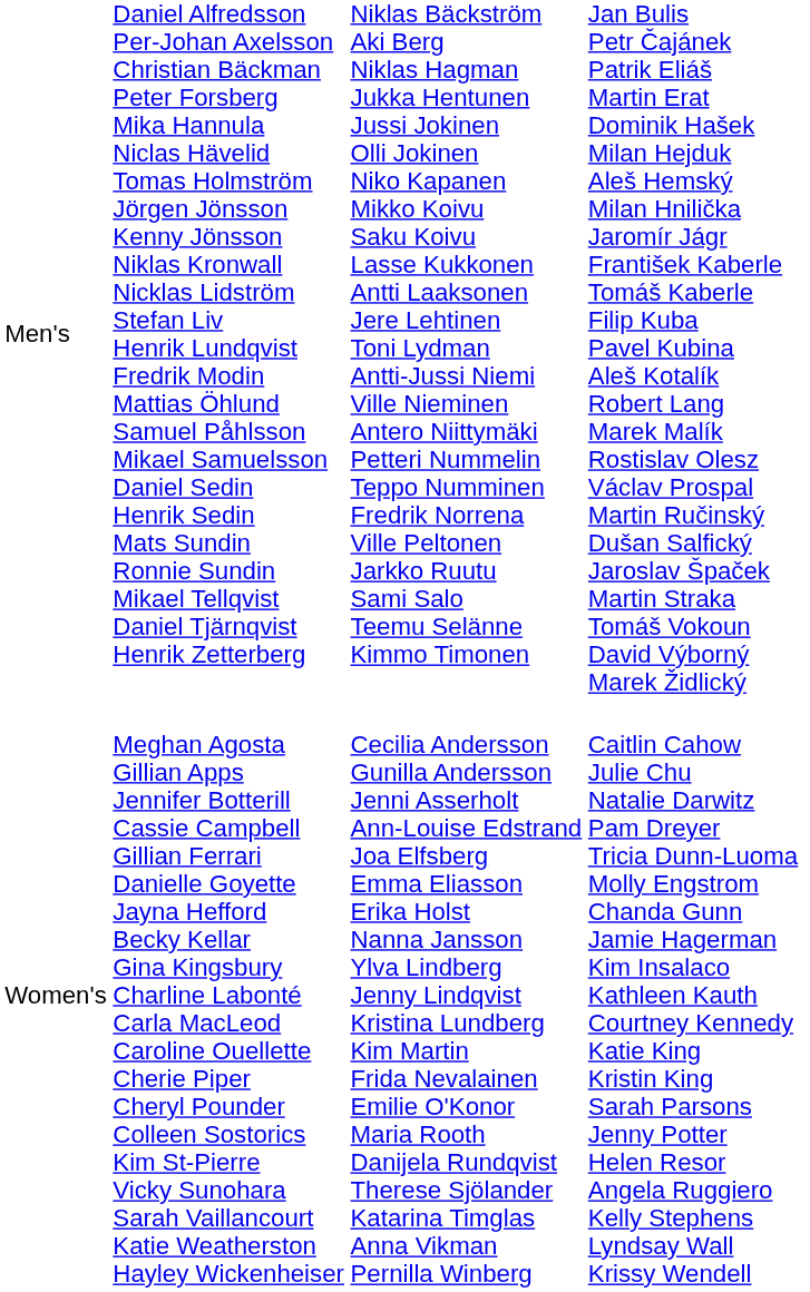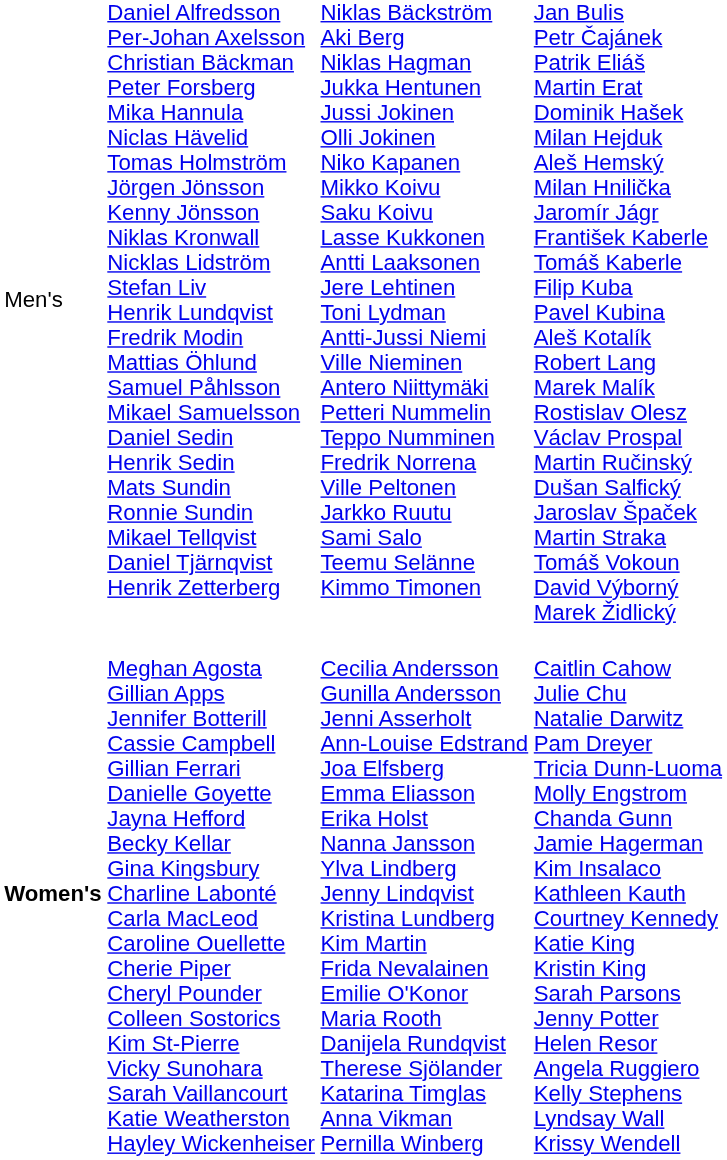 <table>
 <tr>
 <td>Men's<br></td>
 <td valign=top><br><a href='#'>Daniel Alfredsson</a><br><a href='#'>Per-Johan Axelsson</a><br><a href='#'>Christian Bäckman</a><br><a href='#'>Peter Forsberg</a><br><a href='#'>Mika Hannula</a><br><a href='#'>Niclas Hävelid</a><br><a href='#'>Tomas Holmström</a><br><a href='#'>Jörgen Jönsson</a><br><a href='#'>Kenny Jönsson</a><br><a href='#'>Niklas Kronwall</a><br><a href='#'>Nicklas Lidström</a><br><a href='#'>Stefan Liv</a><br><a href='#'>Henrik Lundqvist</a><br><a href='#'>Fredrik Modin</a><br><a href='#'>Mattias Öhlund</a><br><a href='#'>Samuel Påhlsson</a><br><a href='#'>Mikael Samuelsson</a><br><a href='#'>Daniel Sedin</a><br><a href='#'>Henrik Sedin</a><br><a href='#'>Mats Sundin</a><br><a href='#'>Ronnie Sundin</a><br><a href='#'>Mikael Tellqvist</a><br><a href='#'>Daniel Tjärnqvist</a><br><a href='#'>Henrik Zetterberg</a></td>
 <td valign=top><br><a href='#'>Niklas Bäckström</a><br><a href='#'>Aki Berg</a><br><a href='#'>Niklas Hagman</a><br><a href='#'>Jukka Hentunen</a><br><a href='#'>Jussi Jokinen</a><br><a href='#'>Olli Jokinen</a><br><a href='#'>Niko Kapanen</a><br><a href='#'>Mikko Koivu</a><br><a href='#'>Saku Koivu</a><br><a href='#'>Lasse Kukkonen</a><br><a href='#'>Antti Laaksonen</a><br><a href='#'>Jere Lehtinen</a><br><a href='#'>Toni Lydman</a><br><a href='#'>Antti-Jussi Niemi</a><br><a href='#'>Ville Nieminen</a><br><a href='#'>Antero Niittymäki</a><br><a href='#'>Petteri Nummelin</a><br><a href='#'>Teppo Numminen</a><br><a href='#'>Fredrik Norrena</a><br><a href='#'>Ville Peltonen</a><br><a href='#'>Jarkko Ruutu</a><br><a href='#'>Sami Salo</a><br><a href='#'>Teemu Selänne</a><br><a href='#'>Kimmo Timonen</a></td>
 <td><br><a href='#'>Jan Bulis</a><br><a href='#'>Petr Čajánek</a><br><a href='#'>Patrik Eliáš</a><br><a href='#'>Martin Erat</a><br><a href='#'>Dominik Hašek</a><br><a href='#'>Milan Hejduk</a><br><a href='#'>Aleš Hemský</a><br><a href='#'>Milan Hnilička</a><br><a href='#'>Jaromír Jágr</a><br><a href='#'>František Kaberle</a><br><a href='#'>Tomáš Kaberle</a><br><a href='#'>Filip Kuba</a><br><a href='#'>Pavel Kubina</a><br><a href='#'>Aleš Kotalík</a><br><a href='#'>Robert Lang</a><br><a href='#'>Marek Malík</a><br><a href='#'>Rostislav Olesz</a><br><a href='#'>Václav Prospal</a><br><a href='#'>Martin Ručinský</a><br><a href='#'>Dušan Salfický</a><br><a href='#'>Jaroslav Špaček</a><br><a href='#'>Martin Straka</a><br><a href='#'>Tomáš Vokoun</a><br><a href='#'>David Výborný</a><br><a href='#'>Marek Židlický</a></td>
 </tr>
 <tr>
-<td>Women's<br></td>
+<td><strong>Women's<br></strong></td>
 <td><br><a href='#'>Meghan Agosta</a><br><a href='#'>Gillian Apps</a><br><a href='#'>Jennifer Botterill</a><br><a href='#'>Cassie Campbell</a><br><a href='#'>Gillian Ferrari</a><br><a href='#'>Danielle Goyette</a><br><a href='#'>Jayna Hefford</a><br><a href='#'>Becky Kellar</a><br><a href='#'>Gina Kingsbury</a><br><a href='#'>Charline Labonté</a><br><a href='#'>Carla MacLeod</a><br><a href='#'>Caroline Ouellette</a><br><a href='#'>Cherie Piper</a><br><a href='#'>Cheryl Pounder</a><br><a href='#'>Colleen Sostorics</a><br><a href='#'>Kim St-Pierre</a><br><a href='#'>Vicky Sunohara</a><br><a href='#'>Sarah Vaillancourt</a><br><a href='#'>Katie Weatherston</a><br><a href='#'>Hayley Wickenheiser</a></td>
 <td><br><a href='#'>Cecilia Andersson</a><br><a href='#'>Gunilla Andersson</a><br><a href='#'>Jenni Asserholt</a><br><a href='#'>Ann-Louise Edstrand</a><br><a href='#'>Joa Elfsberg</a><br><a href='#'>Emma Eliasson</a><br><a href='#'>Erika Holst</a><br><a href='#'>Nanna Jansson</a><br><a href='#'>Ylva Lindberg</a><br><a href='#'>Jenny Lindqvist</a><br><a href='#'>Kristina Lundberg</a><br><a href='#'>Kim Martin</a><br><a href='#'>Frida Nevalainen</a><br><a href='#'>Emilie O'Konor</a><br><a href='#'>Maria Rooth</a><br><a href='#'>Danijela Rundqvist</a><br><a href='#'>Therese Sjölander</a><br><a href='#'>Katarina Timglas</a><br><a href='#'>Anna Vikman</a><br><a href='#'>Pernilla Winberg</a></td>
 <td><br><a href='#'>Caitlin Cahow</a><br><a href='#'>Julie Chu</a><br><a href='#'>Natalie Darwitz</a><br><a href='#'>Pam Dreyer</a><br><a href='#'>Tricia Dunn-Luoma</a><br><a href='#'>Molly Engstrom</a><br><a href='#'>Chanda Gunn</a><br><a href='#'>Jamie Hagerman</a><br><a href='#'>Kim Insalaco</a><br><a href='#'>Kathleen Kauth</a><br><a href='#'>Courtney Kennedy</a><br><a href='#'>Katie King</a><br><a href='#'>Kristin King</a><br><a href='#'>Sarah Parsons</a><br><a href='#'>Jenny Potter</a><br><a href='#'>Helen Resor</a><br><a href='#'>Angela Ruggiero</a><br><a href='#'>Kelly Stephens</a><br><a href='#'>Lyndsay Wall</a><br><a href='#'>Krissy Wendell</a></td>
 </tr>
 </table>
